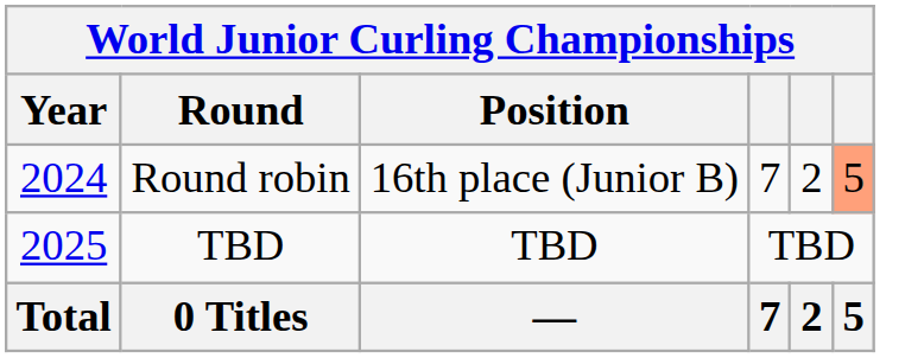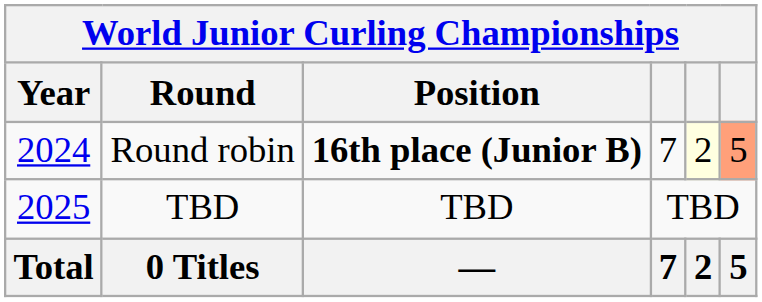 <table class="wikitable" style="text-align: center;">
 <tr>
 <th colspan=10><a href='#'>World Junior Curling Championships</a></th>
 </tr>
 <tr>
 <th>Year</th>
 <th>Round</th>
 <th>Position</th>
 <th></th>
 <th></th>
 <th></th>
 </tr>
 <tr>
 <td> <a href='#'>2024</a></td>
 <td>Round robin</td>
-<td>16th place (Junior B)</td>
+<td><strong>16th place (Junior B)</strong></td>
 <td>7</td>
-<td>2</td>
+<td style="background: lightyellow;">2</td>
 <td style="background: lightsalmon;">5</td>
 </tr>
 <tr>
 <td><a href='#'>2025</a></td>
 <td>TBD</td>
 <td>TBD</td>
 <td colspan=3>TBD</td>
 </tr>
 <tr>
 <th>Total</th>
 <th>0 Titles</th>
 <th>—</th>
 <th>7</th>
 <th>2</th>
 <th>5</th>
 </tr>
 </table>
